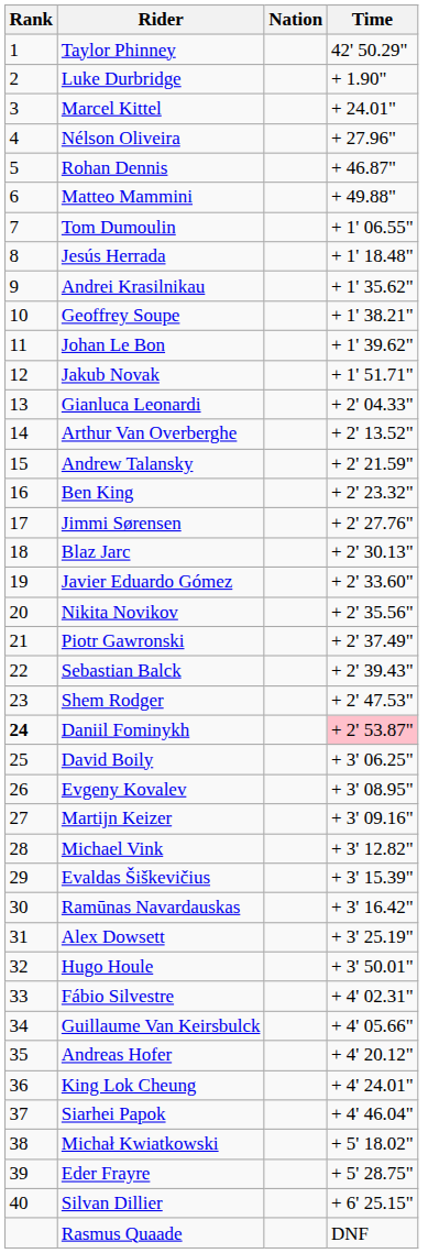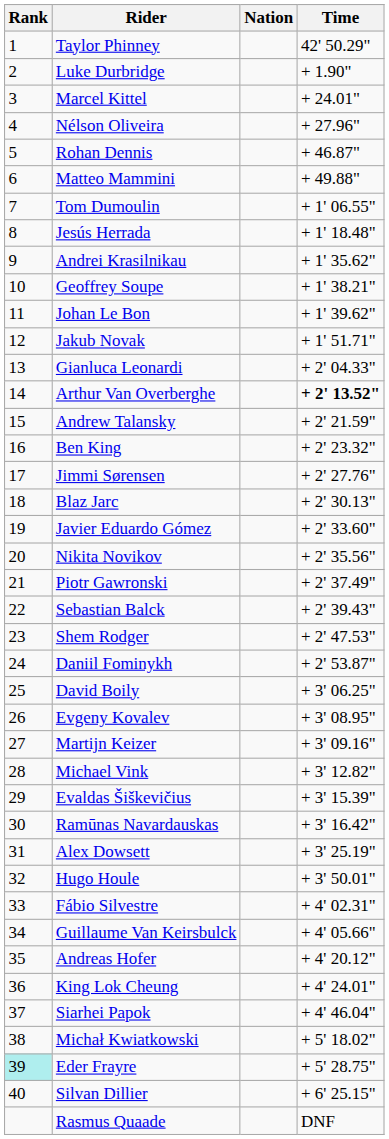 <table class="wikitable">
 <tr>
 <th>Rank</th>
 <th>Rider</th>
 <th>Nation</th>
 <th>Time</th>
 </tr>
 <tr>
 <td>1</td>
 <td><a href='#'>Taylor Phinney</a></td>
 <td></td>
 <td>42' 50.29"</td>
 </tr>
 <tr>
 <td>2</td>
 <td><a href='#'>Luke Durbridge</a></td>
 <td></td>
 <td>+ 1.90"</td>
 </tr>
 <tr>
 <td>3</td>
 <td><a href='#'>Marcel Kittel</a></td>
 <td></td>
 <td>+ 24.01"</td>
 </tr>
 <tr>
 <td>4</td>
 <td><a href='#'>Nélson Oliveira</a></td>
 <td></td>
 <td>+ 27.96"</td>
 </tr>
 <tr>
 <td>5</td>
 <td><a href='#'>Rohan Dennis</a></td>
 <td></td>
 <td>+ 46.87"</td>
 </tr>
 <tr>
 <td>6</td>
 <td><a href='#'>Matteo Mammini</a></td>
 <td></td>
 <td>+ 49.88"</td>
 </tr>
 <tr>
 <td>7</td>
 <td><a href='#'>Tom Dumoulin</a></td>
 <td></td>
 <td>+ 1' 06.55"</td>
 </tr>
 <tr>
 <td>8</td>
 <td><a href='#'>Jesús Herrada</a></td>
 <td></td>
 <td>+ 1' 18.48"</td>
 </tr>
 <tr>
 <td>9</td>
 <td><a href='#'>Andrei Krasilnikau</a></td>
 <td></td>
 <td>+ 1' 35.62"</td>
 </tr>
 <tr>
 <td>10</td>
 <td><a href='#'>Geoffrey Soupe</a></td>
 <td></td>
 <td>+ 1' 38.21"</td>
 </tr>
 <tr>
 <td>11</td>
 <td><a href='#'>Johan Le Bon</a></td>
 <td></td>
 <td>+ 1' 39.62"</td>
 </tr>
 <tr>
 <td>12</td>
 <td><a href='#'>Jakub Novak</a></td>
 <td></td>
 <td>+ 1' 51.71"</td>
 </tr>
 <tr>
 <td>13</td>
 <td><a href='#'>Gianluca Leonardi</a></td>
 <td></td>
 <td>+ 2' 04.33"</td>
 </tr>
 <tr>
 <td>14</td>
 <td><a href='#'>Arthur Van Overberghe</a></td>
 <td></td>
-<td>+ 2' 13.52"</td>
+<td><strong>+ 2' 13.52"</strong></td>
 </tr>
 <tr>
 <td>15</td>
 <td><a href='#'>Andrew Talansky</a></td>
 <td></td>
 <td>+ 2' 21.59"</td>
 </tr>
 <tr>
 <td>16</td>
 <td><a href='#'>Ben King</a></td>
 <td></td>
 <td>+ 2' 23.32"</td>
 </tr>
 <tr>
 <td>17</td>
 <td><a href='#'>Jimmi Sørensen</a></td>
 <td></td>
 <td>+ 2' 27.76"</td>
 </tr>
 <tr>
 <td>18</td>
 <td><a href='#'>Blaz Jarc</a></td>
 <td></td>
 <td>+ 2' 30.13"</td>
 </tr>
 <tr>
 <td>19</td>
 <td><a href='#'>Javier Eduardo Gómez</a></td>
 <td></td>
 <td>+ 2' 33.60"</td>
 </tr>
 <tr>
 <td>20</td>
 <td><a href='#'>Nikita Novikov</a></td>
 <td></td>
 <td>+ 2' 35.56"</td>
 </tr>
 <tr>
 <td>21</td>
 <td><a href='#'>Piotr Gawronski</a></td>
 <td></td>
 <td>+ 2' 37.49"</td>
 </tr>
 <tr>
 <td>22</td>
 <td><a href='#'>Sebastian Balck</a></td>
 <td></td>
 <td>+ 2' 39.43"</td>
 </tr>
 <tr>
 <td>23</td>
 <td><a href='#'>Shem Rodger</a></td>
 <td></td>
 <td>+ 2' 47.53"</td>
 </tr>
 <tr>
-<td><strong>24</strong></td>
+<td>24</td>
 <td><a href='#'>Daniil Fominykh</a></td>
 <td></td>
-<td style="background: pink;">+ 2' 53.87"</td>
+<td>+ 2' 53.87"</td>
 </tr>
 <tr>
 <td>25</td>
 <td><a href='#'>David Boily</a></td>
 <td></td>
 <td>+ 3' 06.25"</td>
 </tr>
 <tr>
 <td>26</td>
 <td><a href='#'>Evgeny Kovalev</a></td>
 <td></td>
 <td>+ 3' 08.95"</td>
 </tr>
 <tr>
 <td>27</td>
 <td><a href='#'>Martijn Keizer</a></td>
 <td></td>
 <td>+ 3' 09.16"</td>
 </tr>
 <tr>
 <td>28</td>
 <td><a href='#'>Michael Vink</a></td>
 <td></td>
 <td>+ 3' 12.82"</td>
 </tr>
 <tr>
 <td>29</td>
 <td><a href='#'>Evaldas Šiškevičius</a></td>
 <td></td>
 <td>+ 3' 15.39"</td>
 </tr>
 <tr>
 <td>30</td>
 <td><a href='#'>Ramūnas Navardauskas</a></td>
 <td></td>
 <td>+ 3' 16.42"</td>
 </tr>
 <tr>
 <td>31</td>
 <td><a href='#'>Alex Dowsett</a></td>
 <td></td>
 <td>+ 3' 25.19"</td>
 </tr>
 <tr>
 <td>32</td>
 <td><a href='#'>Hugo Houle</a></td>
 <td></td>
 <td>+ 3' 50.01"</td>
 </tr>
 <tr>
 <td>33</td>
 <td><a href='#'>Fábio Silvestre</a></td>
 <td></td>
 <td>+ 4' 02.31"</td>
 </tr>
 <tr>
 <td>34</td>
 <td><a href='#'>Guillaume Van Keirsbulck</a></td>
 <td></td>
 <td>+ 4' 05.66"</td>
 </tr>
 <tr>
 <td>35</td>
 <td><a href='#'>Andreas Hofer</a></td>
 <td></td>
 <td>+ 4' 20.12"</td>
 </tr>
 <tr>
 <td>36</td>
 <td><a href='#'>King Lok Cheung</a></td>
 <td></td>
 <td>+ 4' 24.01"</td>
 </tr>
 <tr>
 <td>37</td>
 <td><a href='#'>Siarhei Papok</a></td>
 <td></td>
 <td>+ 4' 46.04"</td>
 </tr>
 <tr>
 <td>38</td>
 <td><a href='#'>Michał Kwiatkowski</a></td>
 <td></td>
 <td>+ 5' 18.02"</td>
 </tr>
 <tr>
-<td>39</td>
+<td style="background: paleturquoise;">39</td>
 <td><a href='#'>Eder Frayre</a></td>
 <td></td>
 <td>+ 5' 28.75"</td>
 </tr>
 <tr>
 <td>40</td>
 <td><a href='#'>Silvan Dillier</a></td>
 <td></td>
 <td>+ 6' 25.15"</td>
 </tr>
 <tr>
 <td></td>
 <td><a href='#'>Rasmus Quaade</a></td>
 <td></td>
 <td>DNF</td>
 </tr>
 </table>
